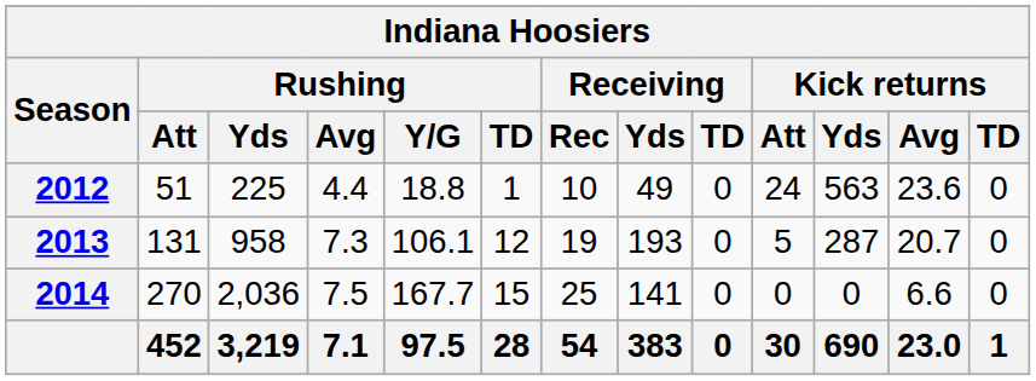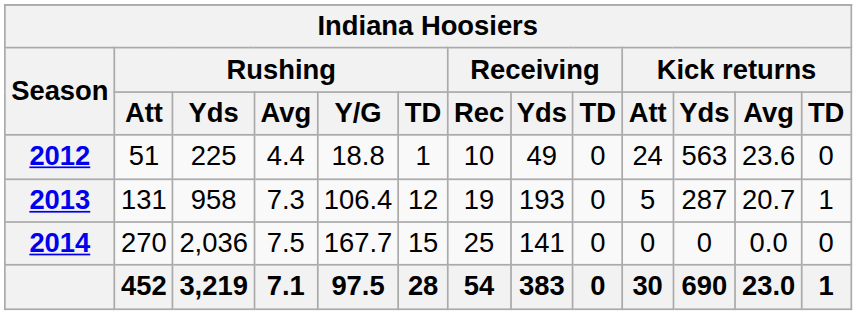 <table class=wikitable style="text-align:center;">
 <tr>
 </tr>
 <tr>
 <th colspan="14">Indiana Hoosiers</th>
 </tr>
 <tr>
 <th rowspan="2">Season</th>
 <th colspan="5">Rushing</th>
 <th colspan="3">Receiving</th>
 <th colspan="5">Kick returns</th>
 </tr>
 <tr>
 <th>Att</th>
 <th>Yds</th>
 <th>Avg</th>
 <th>Y/G</th>
 <th>TD</th>
 <th>Rec</th>
 <th>Yds</th>
 <th>TD</th>
 <th>Att</th>
 <th>Yds</th>
 <th>Avg</th>
 <th>TD</th>
 </tr>
 <tr>
 <th><a href='#'>2012</a></th>
 <td>51</td>
 <td>225</td>
 <td>4.4</td>
 <td>18.8</td>
 <td>1</td>
 <td>10</td>
 <td>49</td>
 <td>0</td>
 <td>24</td>
 <td>563</td>
 <td>23.6</td>
 <td>0</td>
 </tr>
 <tr>
 <th><a href='#'>2013</a></th>
 <td>131</td>
 <td>958</td>
 <td>7.3</td>
-<td>106.1</td>
+<td>106.4</td>
 <td>12</td>
 <td>19</td>
 <td>193</td>
 <td>0</td>
 <td>5</td>
 <td>287</td>
 <td>20.7</td>
-<td>0</td>
+<td>1</td>
 </tr>
 <tr>
 <th><a href='#'>2014</a></th>
 <td>270</td>
 <td>2,036</td>
 <td>7.5</td>
 <td>167.7</td>
 <td>15</td>
 <td>25</td>
 <td>141</td>
 <td>0</td>
 <td>0</td>
 <td>0</td>
-<td>6.6</td>
+<td>0.0</td>
 <td>0</td>
 </tr>
 <tr>
 <th></th>
 <th>452</th>
 <th>3,219</th>
 <th>7.1</th>
 <th>97.5</th>
 <th>28</th>
 <th>54</th>
 <th>383</th>
 <th>0</th>
 <th>30</th>
 <th>690</th>
 <th>23.0</th>
 <th>1</th>
 </tr>
 </table>
